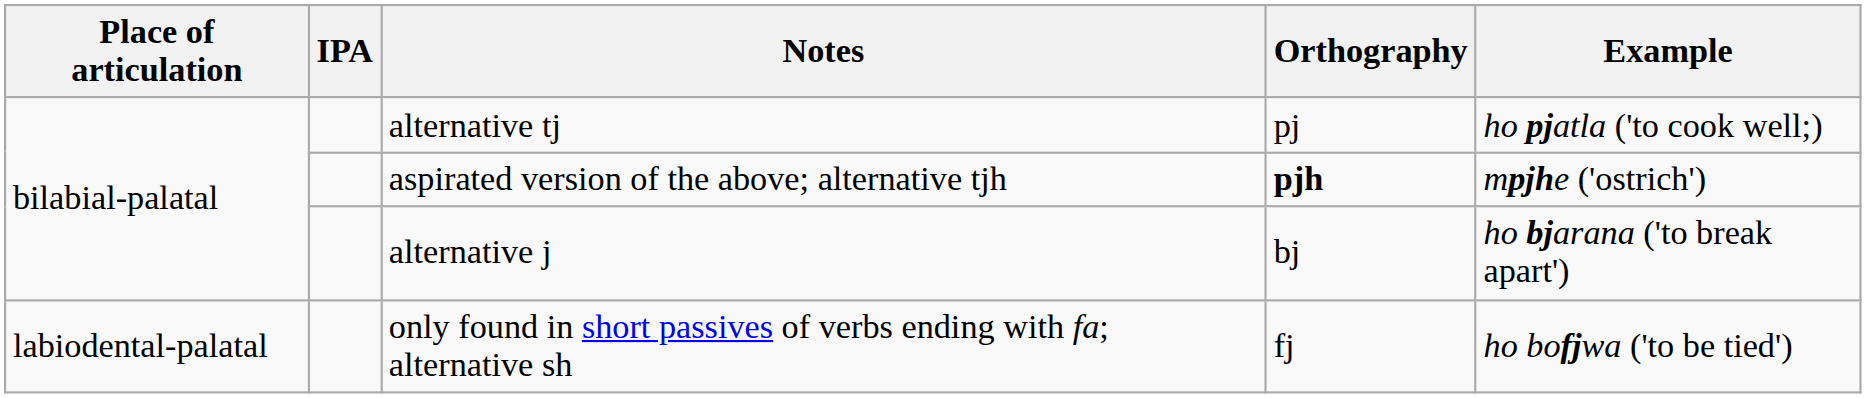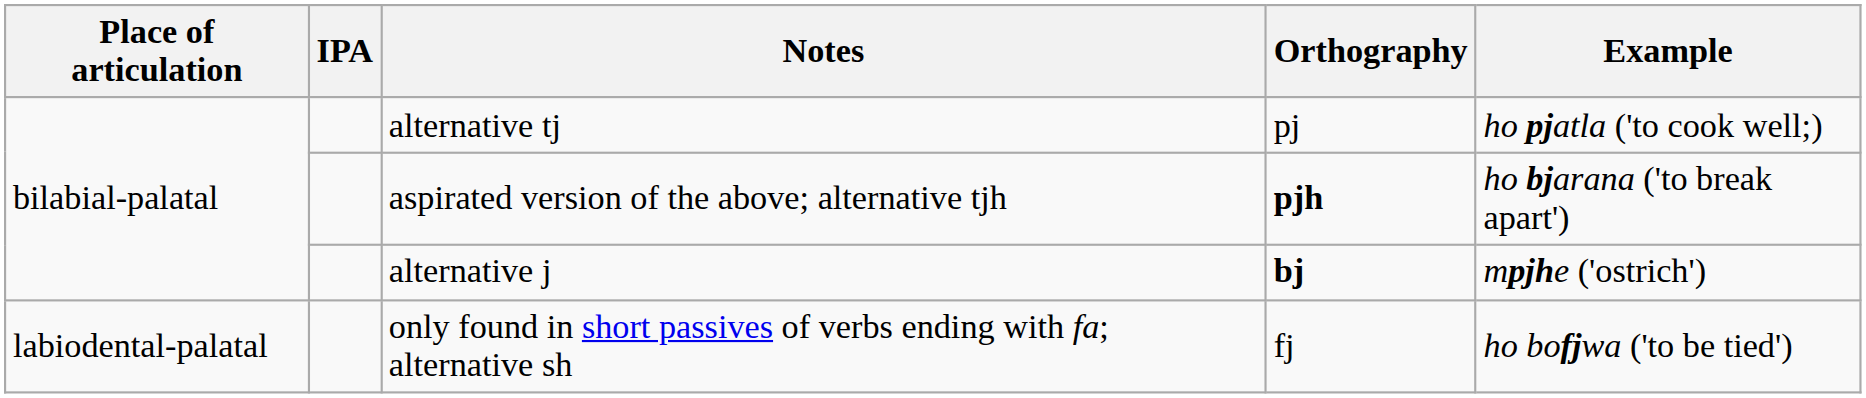 <table class="wikitable" style="min-width:500px">
 <tr>
 <th>Place of articulation</th>
 <th>IPA</th>
 <th>Notes</th>
 <th>Orthography</th>
 <th>Example</th>
 </tr>
 <tr>
 <td rowspan="3">bilabial-palatal</td>
 <td></td>
 <td>alternative tj</td>
 <td>pj</td>
 <td> <em>ho <strong>pj</strong>atla</em> ('to cook well;)</td>
 </tr>
 <tr>
 <td></td>
 <td>aspirated version of the above; alternative tjh</td>
 <td><strong>pjh</strong></td>
-<td> <em>m<strong>pjh</strong>e</em> ('ostrich')</td>
+<td> <em>ho <strong>bj</strong>arana</em> ('to break apart')</td>
 </tr>
 <tr>
 <td></td>
 <td>alternative j</td>
-<td>bj</td>
-<td> <em>ho <strong>bj</strong>arana</em> ('to break apart')</td>
+<td><strong>bj</strong></td>
+<td> <em>m<strong>pjh</strong>e</em> ('ostrich')</td>
 </tr>
 <tr>
 <td>labiodental-palatal</td>
 <td></td>
 <td>only found in <a href='#'>short passives</a> of verbs ending with  <em>fa</em>; alternative sh</td>
 <td>fj</td>
 <td> <em>ho bo<strong>fj</strong>wa</em> ('to be tied')</td>
 </tr>
 </table>
